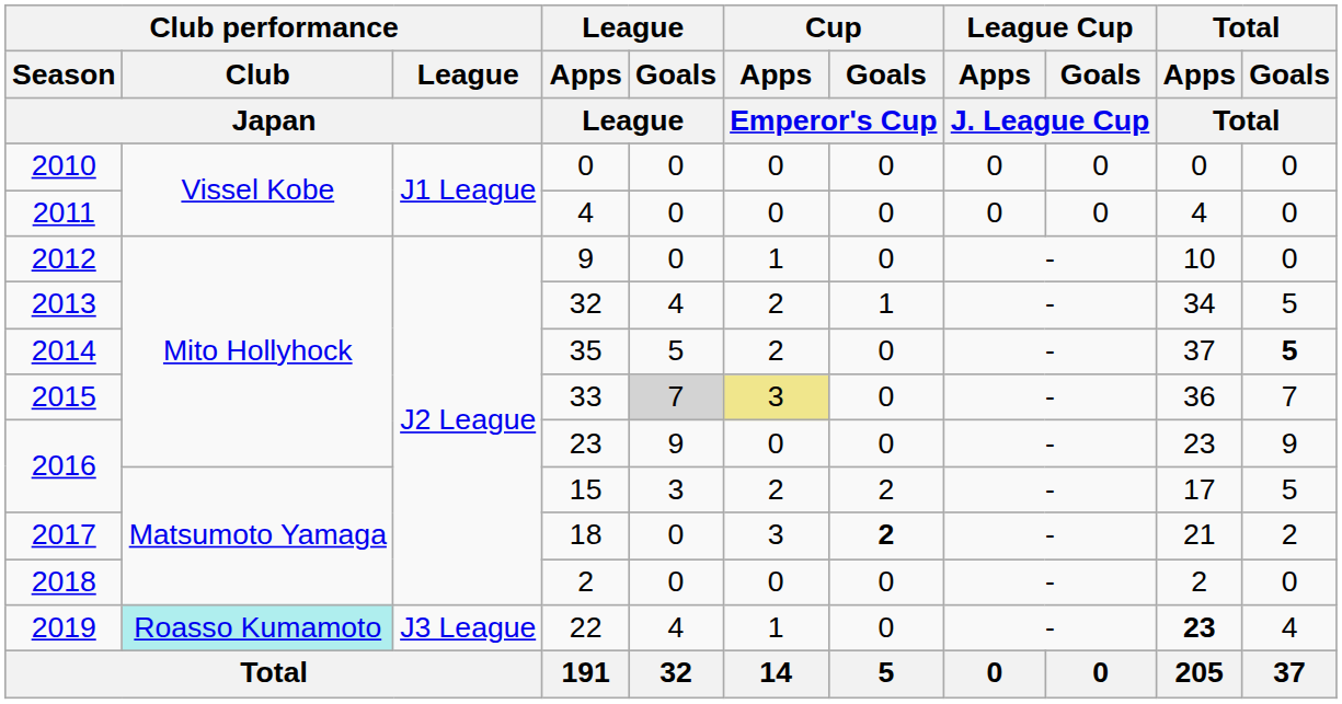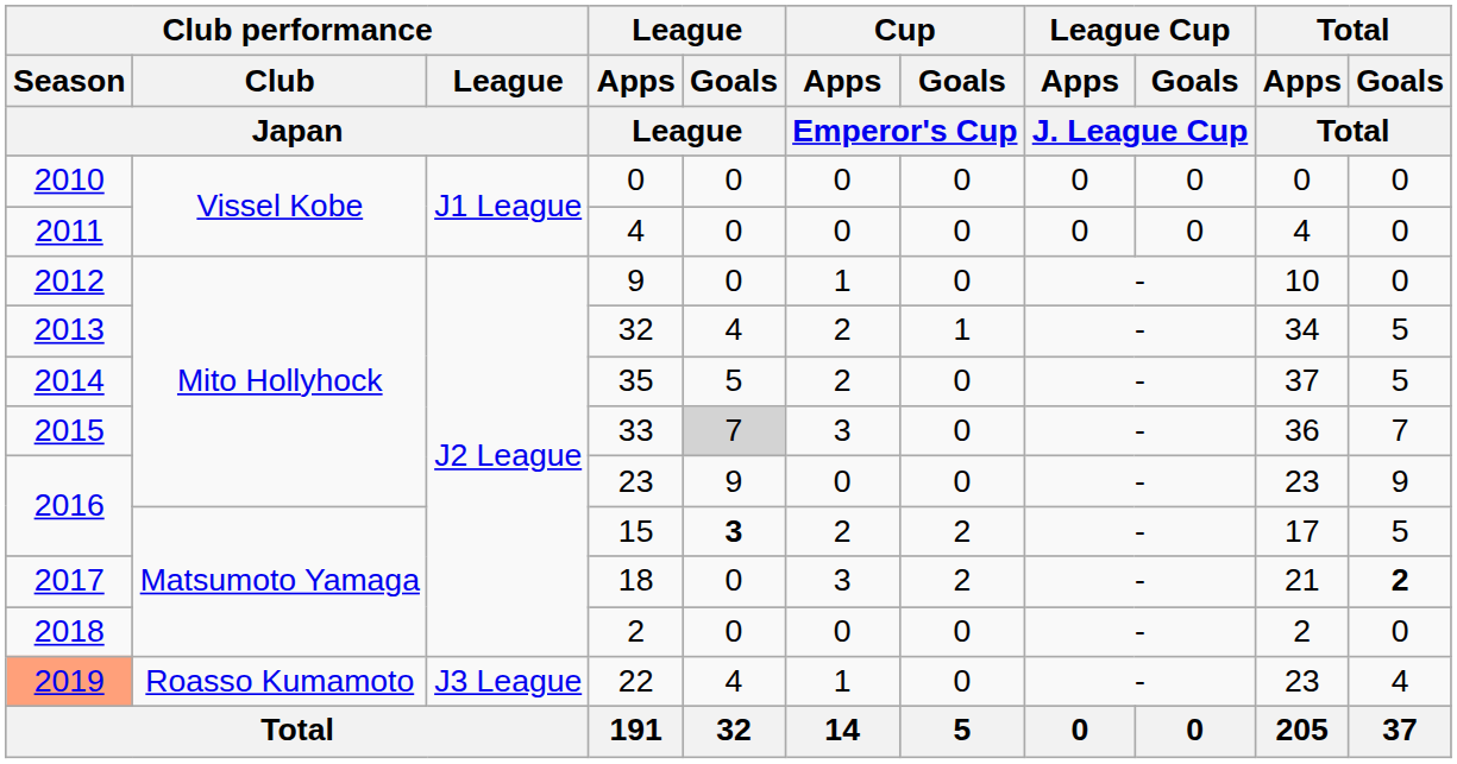 <table class="wikitable" style="text-align:center;">
 <tr>
 <th colspan=3>Club performance</th>
 <th colspan=2>League</th>
 <th colspan=2>Cup</th>
 <th colspan=2>League Cup</th>
 <th colspan=2>Total</th>
 </tr>
 <tr>
 <th>Season</th>
 <th>Club</th>
 <th>League</th>
 <th>Apps</th>
 <th>Goals</th>
 <th>Apps</th>
 <th>Goals</th>
 <th>Apps</th>
 <th>Goals</th>
 <th>Apps</th>
 <th>Goals</th>
 </tr>
 <tr>
 <th colspan=3>Japan</th>
 <th colspan=2>League</th>
 <th colspan=2><a href='#'>Emperor's Cup</a></th>
 <th colspan=2><a href='#'>J. League Cup</a></th>
 <th colspan=2>Total</th>
 </tr>
 <tr>
 <td><a href='#'>2010</a></td>
 <td rowspan="2"><a href='#'>Vissel Kobe</a></td>
 <td rowspan="2"><a href='#'>J1 League</a></td>
 <td>0</td>
 <td>0</td>
 <td>0</td>
 <td>0</td>
 <td>0</td>
 <td>0</td>
 <td>0</td>
 <td>0</td>
 </tr>
 <tr>
 <td><a href='#'>2011</a></td>
 <td>4</td>
 <td>0</td>
 <td>0</td>
 <td>0</td>
 <td>0</td>
 <td>0</td>
 <td>4</td>
 <td>0</td>
 </tr>
 <tr>
 <td><a href='#'>2012</a></td>
 <td rowspan="5"><a href='#'>Mito Hollyhock</a></td>
 <td rowspan="8"><a href='#'>J2 League</a></td>
 <td>9</td>
 <td>0</td>
 <td>1</td>
 <td>0</td>
 <td colspan="2">-</td>
 <td>10</td>
 <td>0</td>
 </tr>
 <tr>
 <td><a href='#'>2013</a></td>
 <td>32</td>
 <td>4</td>
 <td>2</td>
 <td>1</td>
 <td colspan="2">-</td>
 <td>34</td>
 <td>5</td>
 </tr>
 <tr>
 <td><a href='#'>2014</a></td>
 <td>35</td>
 <td>5</td>
 <td>2</td>
 <td>0</td>
 <td colspan="2">-</td>
 <td>37</td>
-<td><strong>5</strong></td>
+<td>5</td>
 </tr>
 <tr>
 <td><a href='#'>2015</a></td>
 <td>33</td>
 <td style="background: lightgrey;">7</td>
-<td style="background: khaki;">3</td>
+<td>3</td>
 <td>0</td>
 <td colspan="2">-</td>
 <td>36</td>
 <td>7</td>
 </tr>
 <tr>
 <td rowspan="2"><a href='#'>2016</a></td>
 <td>23</td>
 <td>9</td>
 <td>0</td>
 <td>0</td>
 <td colspan="2">-</td>
 <td>23</td>
 <td>9</td>
 </tr>
 <tr>
 <td rowspan="3"><a href='#'>Matsumoto Yamaga</a></td>
 <td>15</td>
-<td>3</td>
+<td><strong>3</strong></td>
 <td>2</td>
 <td>2</td>
 <td colspan="2">-</td>
 <td>17</td>
 <td>5</td>
 </tr>
 <tr>
 <td><a href='#'>2017</a></td>
 <td>18</td>
 <td>0</td>
 <td>3</td>
-<td><strong>2</strong></td>
+<td>2</td>
 <td colspan="2">-</td>
 <td>21</td>
-<td>2</td>
+<td><strong>2</strong></td>
 </tr>
 <tr>
 <td><a href='#'>2018</a></td>
 <td>2</td>
 <td>0</td>
 <td>0</td>
 <td>0</td>
 <td colspan="2">-</td>
 <td>2</td>
 <td>0</td>
 </tr>
 <tr>
-<td><a href='#'>2019</a></td>
-<td style="background: paleturquoise;"><a href='#'>Roasso Kumamoto</a></td>
+<td style="background: lightsalmon;"><a href='#'>2019</a></td>
+<td><a href='#'>Roasso Kumamoto</a></td>
 <td rowspan="1"><a href='#'>J3 League</a></td>
 <td>22</td>
 <td>4</td>
 <td>1</td>
 <td>0</td>
 <td colspan="2">-</td>
-<td><strong>23</strong></td>
+<td>23</td>
 <td>4</td>
 </tr>
 <tr>
 <th colspan=3>Total</th>
 <th>191</th>
 <th>32</th>
 <th>14</th>
 <th>5</th>
 <th>0</th>
 <th>0</th>
 <th>205</th>
 <th>37</th>
 </tr>
 </table>
